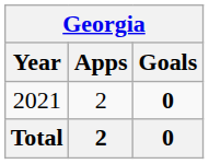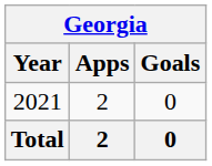 <table class="wikitable" style="text-align:center">
 <tr>
 <th colspan=3><a href='#'>Georgia</a></th>
 </tr>
 <tr>
 <th>Year</th>
 <th>Apps</th>
 <th>Goals</th>
 </tr>
 <tr>
 <td>2021</td>
 <td>2</td>
-<td><strong>0</strong></td>
+<td>0</td>
 </tr>
 <tr>
 <th>Total</th>
 <th>2</th>
 <th>0</th>
 </tr>
 </table>
